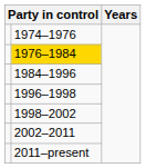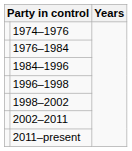 <table class="wikitable">
 <tr>
 <th colspan="2">Party in control</th>
 <th>Years</th>
 </tr>
 <tr>
 <td></td>
 <td>1974–1976</td>
 </tr>
 <tr>
 <td></td>
-<td style="background: gold;">1976–1984</td>
+<td>1976–1984</td>
 </tr>
 <tr>
 <td></td>
 <td>1984–1996</td>
 </tr>
 <tr>
 <td></td>
 <td>1996–1998</td>
 </tr>
 <tr>
 <td></td>
 <td>1998–2002</td>
 </tr>
 <tr>
 <td></td>
 <td>2002–2011</td>
 </tr>
 <tr>
 <td></td>
 <td>2011–present</td>
 </tr>
 </table>
